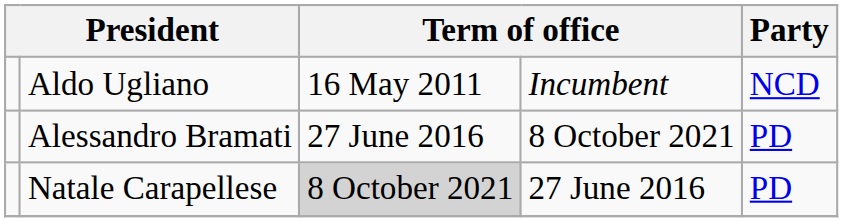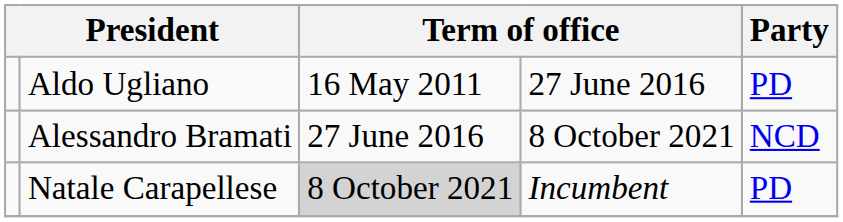 <table class="wikitable">
 <tr>
 <th colspan="2">President</th>
 <th colspan="2">Term of office</th>
 <th>Party</th>
 </tr>
 <tr>
 <td style="background-color: "></td>
 <td>Aldo Ugliano</td>
 <td>16 May 2011</td>
-<td><em>Incumbent</em></td>
-<td><a href='#'>NCD</a></td>
+<td>27 June 2016</td>
+<td><a href='#'>PD</a></td>
 </tr>
 <tr>
 <td style="background-color: "></td>
 <td>Alessandro Bramati</td>
 <td>27 June 2016</td>
 <td>8 October 2021</td>
-<td><a href='#'>PD</a></td>
+<td><a href='#'>NCD</a></td>
 </tr>
 <tr>
 <td style="background-color: "></td>
 <td>Natale Carapellese</td>
 <td style="background: lightgrey;">8 October 2021</td>
-<td>27 June 2016</td>
+<td><em>Incumbent</em></td>
 <td><a href='#'>PD</a></td>
 </tr>
 <tr>
 </tr>
 </table>
